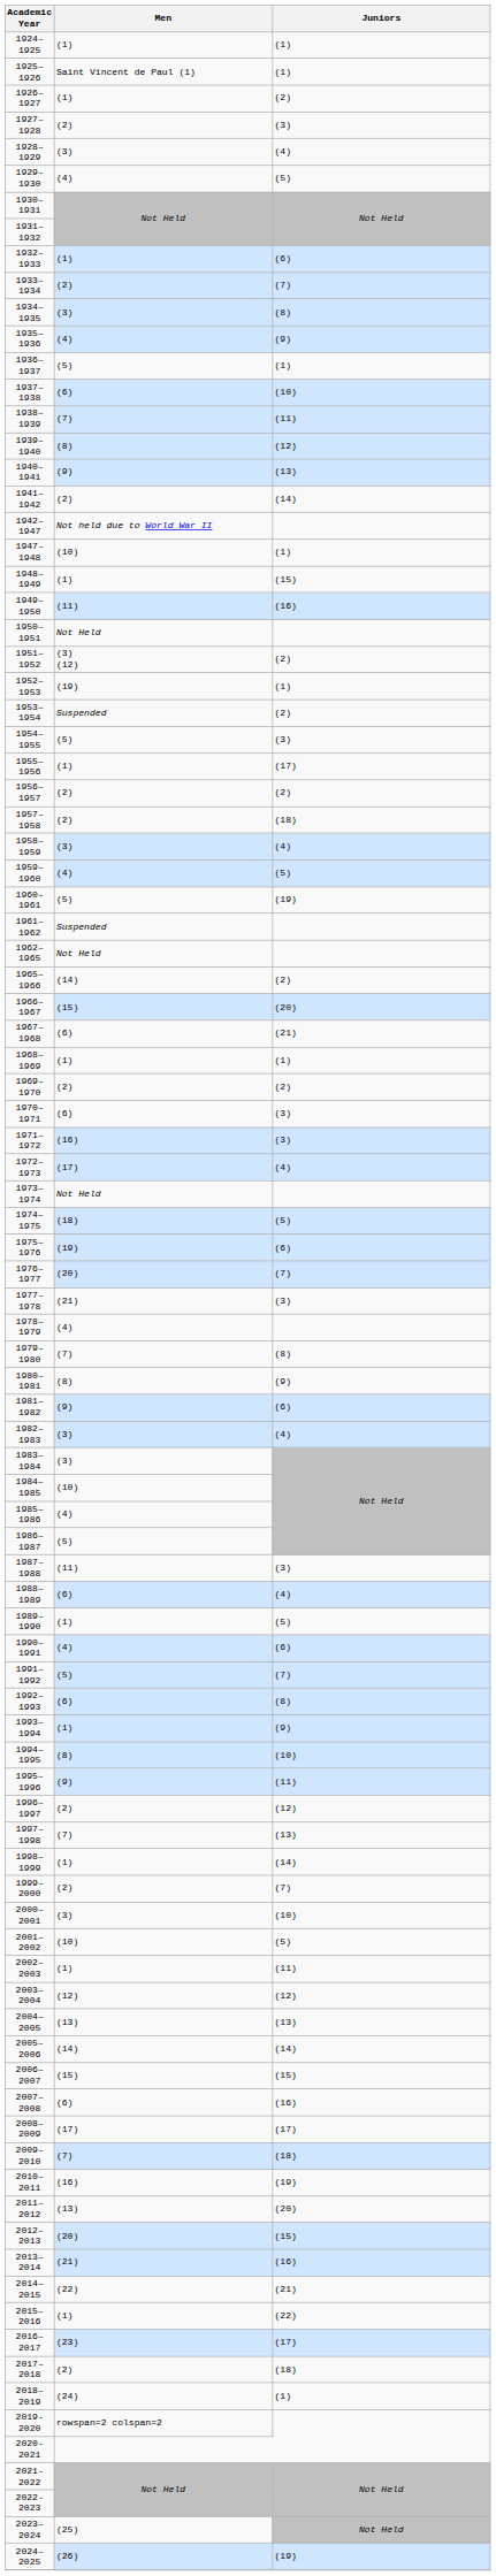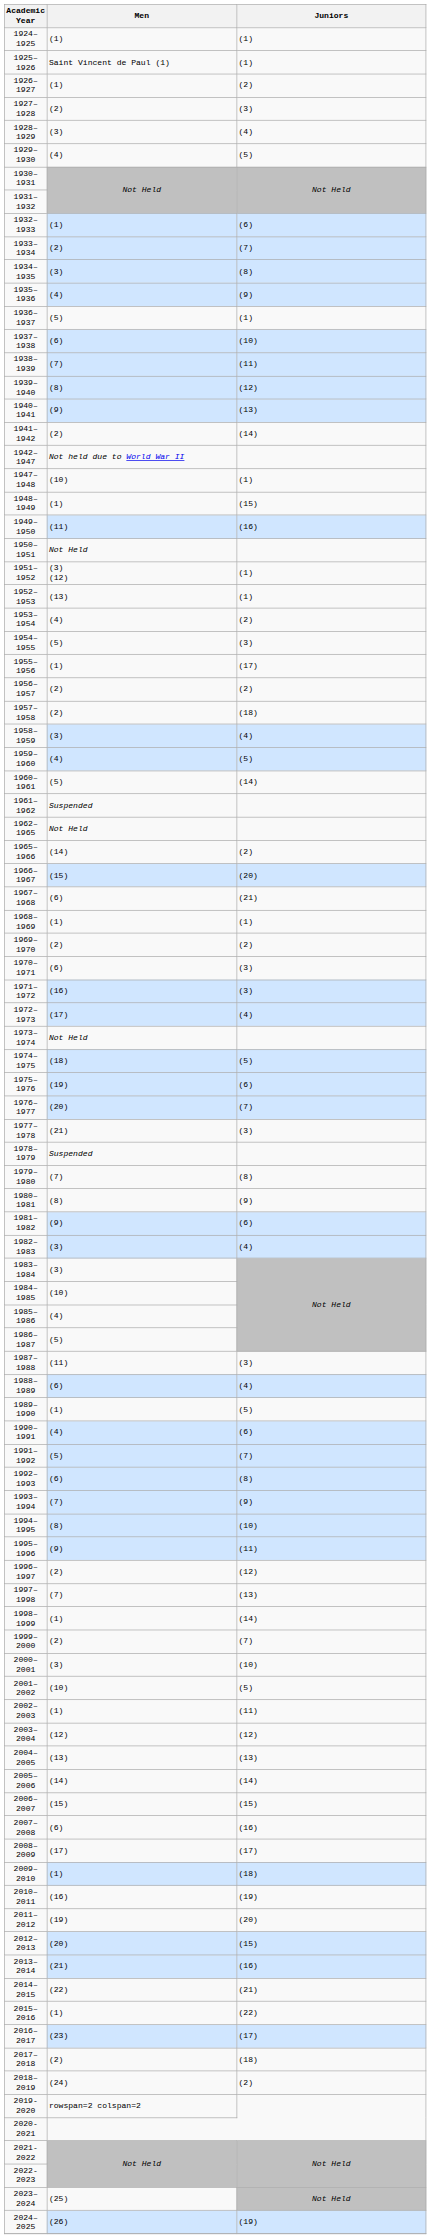 <table class="wikitable" style="font-size:90%;">
 <tr>
 <th width=10%><strong>Academic<br>Year</strong></th>
 <th width="45%">Men</th>
 <th width="45%"><strong>Juniors</strong></th>
 </tr>
 <tr>
 <td align=center>1924–1925</td>
 <td> (1)</td>
 <td> (1)</td>
 </tr>
 <tr>
 <td align=center>1925–1926</td>
 <td> Saint Vincent de Paul (1)</td>
 <td> (1)</td>
 </tr>
 <tr>
 <td align=center>1926–1927</td>
 <td> (1)</td>
 <td> (2)</td>
 </tr>
 <tr>
 <td align=center>1927–1928</td>
 <td> (2)</td>
 <td> (3)</td>
 </tr>
 <tr>
 <td align=center>1928–1929</td>
 <td> (3)</td>
 <td> (4)</td>
 </tr>
 <tr>
 <td align=center>1929–1930</td>
 <td> (4)</td>
 <td> (5)</td>
 </tr>
 <tr>
 <td align=center>1930–1931</td>
 <td rowspan="2" bgcolor="silver" align="center"><em>Not Held</em></td>
 <td rowspan="2" bgcolor="silver" align="center"><em>Not Held</em></td>
 </tr>
 <tr>
 <td align=center>1931–1932</td>
 </tr>
 <tr>
 <td align=center>1932–1933</td>
 <td bgcolor="#D0E6FF"> (1)</td>
 <td bgcolor="#D0E6FF"> (6)</td>
 </tr>
 <tr>
 <td align=center>1933–1934</td>
 <td bgcolor="#D0E6FF"> (2)</td>
 <td bgcolor="#D0E6FF"> (7)</td>
 </tr>
 <tr>
 <td align=center>1934–1935</td>
 <td bgcolor="#D0E6FF"> (3)</td>
 <td bgcolor="#D0E6FF"> (8)</td>
 </tr>
 <tr>
 <td align=center>1935–1936</td>
 <td bgcolor="#D0E6FF"> (4)</td>
 <td bgcolor="#D0E6FF"> (9)</td>
 </tr>
 <tr>
 <td align=center>1936–1937</td>
 <td> (5)</td>
 <td> (1)</td>
 </tr>
 <tr>
 <td align=center>1937–1938</td>
 <td bgcolor="#D0E6FF"> (6)</td>
 <td bgcolor="#D0E6FF"> (10)</td>
 </tr>
 <tr>
 <td align=center>1938–1939</td>
 <td bgcolor="#D0E6FF"> (7)</td>
 <td bgcolor="#D0E6FF"> (11)</td>
 </tr>
 <tr>
 <td align=center>1939–1940</td>
 <td bgcolor="#D0E6FF"> (8)</td>
 <td bgcolor="#D0E6FF"> (12)</td>
 </tr>
 <tr>
 <td align=center>1940–1941</td>
 <td bgcolor="#D0E6FF"> (9)</td>
 <td bgcolor="#D0E6FF"> (13)</td>
 </tr>
 <tr>
 <td align=center>1941–1942</td>
 <td> (2)</td>
 <td> (14)</td>
 </tr>
 <tr>
 <td align=center>1942–1947</td>
 <td><em>Not held due to <a href='#'>World War II</a></em></td>
 <td></td>
 </tr>
 <tr>
 <td align=center>1947–1948</td>
 <td> (10)</td>
 <td> (1)</td>
 </tr>
 <tr>
 <td align=center>1948–1949</td>
 <td> (1)</td>
 <td> (15)</td>
 </tr>
 <tr>
 <td align=center>1949–1950</td>
 <td bgcolor="#D0E6FF"> (11)</td>
 <td bgcolor="#D0E6FF"> (16)</td>
 </tr>
 <tr>
 <td align=center>1950–1951</td>
 <td><em>Not Held</em></td>
 <td></td>
 </tr>
 <tr>
 <td align=center>1951–1952</td>
 <td> (3) <br> (12)</td>
-<td> (2)</td>
+<td> (1)</td>
 </tr>
 <tr>
 <td align=center>1952–1953</td>
-<td> (19)</td>
+<td> (13)</td>
 <td> (1)</td>
 </tr>
 <tr>
 <td align=center>1953–1954</td>
-<td><em>Suspended</em></td>
+<td> (4)</td>
 <td> (2)</td>
 </tr>
 <tr>
 <td align=center>1954–1955</td>
 <td> (5)</td>
 <td> (3)</td>
 </tr>
 <tr>
 <td align=center>1955–1956</td>
 <td> (1)</td>
 <td> (17)</td>
 </tr>
 <tr>
 <td align=center>1956–1957</td>
 <td> (2)</td>
 <td> (2)</td>
 </tr>
 <tr>
 <td align=center>1957–1958</td>
 <td> (2)</td>
 <td> (18)</td>
 </tr>
 <tr>
 <td align=center>1958–1959</td>
 <td bgcolor="#D0E6FF"> (3)</td>
 <td bgcolor="#D0E6FF"> (4)</td>
 </tr>
 <tr>
 <td align=center>1959–1960</td>
 <td bgcolor="#D0E6FF"> (4)</td>
 <td bgcolor="#D0E6FF"> (5)</td>
 </tr>
 <tr>
 <td align=center>1960–1961</td>
 <td> (5)</td>
-<td> (19)</td>
+<td> (14)</td>
 </tr>
 <tr>
 <td align=center>1961–1962</td>
 <td><em>Suspended</em></td>
 <td></td>
 </tr>
 <tr>
 <td align=center>1962–1965</td>
 <td><em>Not Held</em></td>
 <td></td>
 </tr>
 <tr>
 <td align=center>1965–1966</td>
 <td> (14)</td>
 <td> (2)</td>
 </tr>
 <tr>
 <td align=center>1966–1967</td>
 <td bgcolor="#D0E6FF"> (15)</td>
 <td bgcolor="#D0E6FF"> (20)</td>
 </tr>
 <tr>
 <td align=center>1967–1968</td>
 <td> (6)</td>
 <td> (21)</td>
 </tr>
 <tr>
 <td align=center>1968–1969</td>
 <td> (1)</td>
 <td> (1)</td>
 </tr>
 <tr>
 <td align=center>1969–1970</td>
 <td> (2)</td>
 <td> (2)</td>
 </tr>
 <tr>
 <td align=center>1970–1971</td>
 <td> (6)</td>
 <td> (3)</td>
 </tr>
 <tr>
 <td align=center>1971–1972</td>
 <td bgcolor="#D0E6FF"> (16)</td>
 <td bgcolor="#D0E6FF"> (3)</td>
 </tr>
 <tr>
 <td align=center>1972–1973</td>
 <td bgcolor="#D0E6FF"> (17)</td>
 <td bgcolor="#D0E6FF"> (4)</td>
 </tr>
 <tr>
 <td align=center>1973–1974</td>
 <td><em>Not Held</em></td>
 <td></td>
 </tr>
 <tr>
 <td align=center>1974–1975</td>
 <td bgcolor="#D0E6FF"> (18)</td>
 <td bgcolor="#D0E6FF"> (5)</td>
 </tr>
 <tr>
 <td align=center>1975–1976</td>
 <td bgcolor="#D0E6FF"> (19)</td>
 <td bgcolor="#D0E6FF"> (6)</td>
 </tr>
 <tr>
 <td align=center>1976–1977</td>
 <td bgcolor="#D0E6FF"> (20)</td>
 <td bgcolor="#D0E6FF"> (7)</td>
 </tr>
 <tr>
 <td align=center>1977–1978</td>
 <td> (21)</td>
 <td> (3)</td>
 </tr>
 <tr>
 <td align=center>1978–1979</td>
-<td> (4)</td>
+<td><em>Suspended</em></td>
 <td></td>
 </tr>
 <tr>
 <td align=center>1979–1980</td>
 <td> (7)</td>
 <td> (8)</td>
 </tr>
 <tr>
 <td align=center>1980–1981</td>
 <td> (8)</td>
 <td> (9)</td>
 </tr>
 <tr>
 <td align=center>1981–1982</td>
 <td bgcolor="#D0E6FF"> (9)</td>
 <td bgcolor="#D0E6FF"> (6)</td>
 </tr>
 <tr>
 <td align=center>1982–1983</td>
 <td bgcolor="#D0E6FF"> (3)</td>
 <td bgcolor="#D0E6FF"> (4)</td>
 </tr>
 <tr>
 <td align=center>1983–1984</td>
 <td> (3)</td>
 <td rowspan="4" bgcolor="silver" align="center"><em>Not Held</em></td>
 </tr>
 <tr>
 <td align=center>1984–1985</td>
 <td> (10)</td>
 </tr>
 <tr>
 <td align=center>1985–1986</td>
 <td> (4)</td>
 </tr>
 <tr>
 <td align=center>1986–1987</td>
 <td> (5)</td>
 </tr>
 <tr>
 <td align=center>1987–1988</td>
 <td> (11)</td>
 <td> (3)</td>
 </tr>
 <tr>
 <td align=center>1988–1989</td>
 <td bgcolor="#D0E6FF"> (6)</td>
 <td bgcolor="#D0E6FF"> (4)</td>
 </tr>
 <tr>
 <td align=center>1989–1990</td>
 <td> (1)</td>
 <td> (5)</td>
 </tr>
 <tr>
 <td align=center>1990–1991</td>
 <td bgcolor="#D0E6FF"> (4)</td>
 <td bgcolor="#D0E6FF"> (6)</td>
 </tr>
 <tr>
 <td align=center>1991–1992</td>
 <td bgcolor="#D0E6FF"> (5)</td>
 <td bgcolor="#D0E6FF"> (7)</td>
 </tr>
 <tr>
 <td align=center>1992–1993</td>
 <td bgcolor="#D0E6FF"> (6)</td>
 <td bgcolor="#D0E6FF"> (8)</td>
 </tr>
 <tr>
 <td align=center>1993–1994</td>
-<td bgcolor="#D0E6FF"> (1)</td>
+<td bgcolor="#D0E6FF"> (7)</td>
 <td bgcolor="#D0E6FF"> (9)</td>
 </tr>
 <tr>
 <td align=center>1994–1995</td>
 <td bgcolor="#D0E6FF"> (8)</td>
 <td bgcolor="#D0E6FF"> (10)</td>
 </tr>
 <tr>
 <td align=center>1995–1996</td>
 <td bgcolor="#D0E6FF"> (9)</td>
 <td bgcolor="#D0E6FF"> (11)</td>
 </tr>
 <tr>
 <td align=center>1996–1997</td>
 <td> (2)</td>
 <td> (12)</td>
 </tr>
 <tr>
 <td align=center>1997–1998</td>
 <td> (7)</td>
 <td> (13)</td>
 </tr>
 <tr>
 <td align=center>1998–1999</td>
 <td> (1)</td>
 <td> (14)</td>
 </tr>
 <tr>
 <td align=center>1999–2000</td>
 <td> (2)</td>
 <td> (7)</td>
 </tr>
 <tr>
 <td align=center>2000–2001</td>
 <td> (3)</td>
 <td> (10)</td>
 </tr>
 <tr>
 <td align=center>2001–2002</td>
 <td> (10)</td>
 <td> (5)</td>
 </tr>
 <tr>
 <td align=center>2002–2003</td>
 <td> (1)</td>
 <td> (11)</td>
 </tr>
 <tr>
 <td align=center>2003–2004</td>
 <td> (12)</td>
 <td> (12)</td>
 </tr>
 <tr>
 <td align=center>2004–2005</td>
 <td> (13)</td>
 <td> (13)</td>
 </tr>
 <tr>
 <td align=center>2005–2006</td>
 <td> (14)</td>
 <td> (14)</td>
 </tr>
 <tr>
 <td align=center>2006–2007</td>
 <td> (15)</td>
 <td> (15)</td>
 </tr>
 <tr>
 <td align=center>2007–2008</td>
 <td> (6)</td>
 <td> (16)</td>
 </tr>
 <tr>
 <td align=center>2008–2009</td>
 <td> (17)</td>
 <td> (17)</td>
 </tr>
 <tr>
 <td align=center>2009–2010</td>
-<td bgcolor="#D0E6FF"> (7)</td>
+<td bgcolor="#D0E6FF"> (1)</td>
 <td bgcolor="#D0E6FF"> (18)</td>
 </tr>
 <tr>
 <td align=center>2010–2011</td>
 <td> (16)</td>
 <td> (19)</td>
 </tr>
 <tr>
 <td align=center>2011–2012</td>
-<td> (13)</td>
+<td> (19)</td>
 <td> (20)</td>
 </tr>
 <tr>
 <td align=center>2012–2013</td>
 <td bgcolor="#D0E6FF"> (20)</td>
 <td bgcolor="#D0E6FF"> (15)</td>
 </tr>
 <tr>
 <td align=center>2013–2014</td>
 <td bgcolor="#D0E6FF"> (21)</td>
 <td bgcolor="#D0E6FF"> (16)</td>
 </tr>
 <tr>
 <td align=center>2014–2015</td>
 <td> (22)</td>
 <td> (21)</td>
 </tr>
 <tr>
 <td align=center>2015–2016</td>
 <td> (1)</td>
 <td> (22)</td>
 </tr>
 <tr>
 <td align=center>2016–2017</td>
 <td bgcolor="#D0E6FF"> (23)</td>
 <td bgcolor="#D0E6FF"> (17)</td>
 </tr>
 <tr>
 <td align=center>2017–2018</td>
 <td> (2)</td>
 <td> (18)</td>
 </tr>
 <tr>
 <td align=center>2018–2019</td>
 <td> (24)</td>
-<td> (1)</td>
+<td> (2)</td>
 </tr>
 <tr>
 <td align=center>2019-2020</td>
 <td>rowspan=2 colspan=2 </td>
 </tr>
 <tr>
 <td align=center>2020-2021</td>
 </tr>
 <tr>
 <td align=center>2021-2022</td>
 <td rowspan="2" bgcolor="silver" align="center"><em>Not Held</em></td>
 <td rowspan="2" bgcolor="silver" align="center"><em>Not Held</em></td>
 </tr>
 <tr>
 <td align=center>2022-2023</td>
 </tr>
 <tr>
 <td align=center>2023–2024</td>
 <td> (25)</td>
 <td bgcolor="silver" align="center"><em>Not Held</em></td>
 </tr>
 <tr>
 <td align=center>2024–2025</td>
 <td bgcolor="#D0E6FF"> (26)</td>
 <td bgcolor="#D0E6FF"> (19)</td>
 </tr>
 <tr>
 </tr>
 </table>
